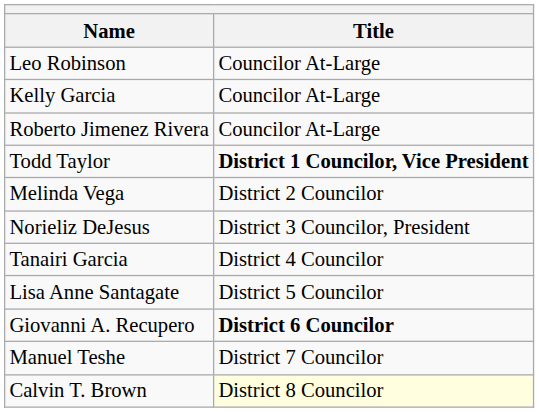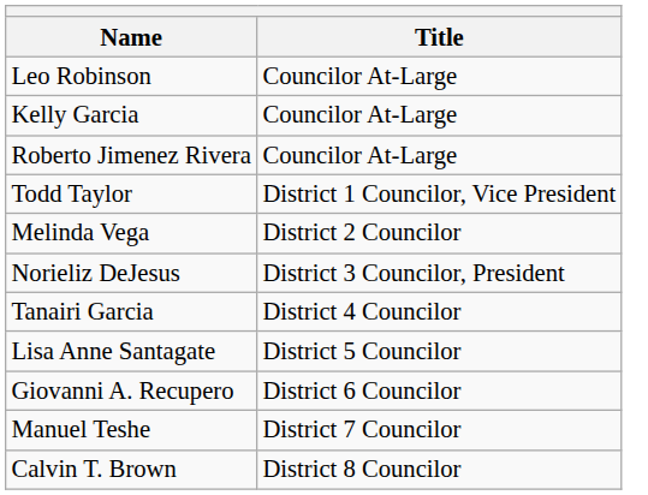 <table class="wikitable">
 <tr>
 <th colspan="4"></th>
 </tr>
 <tr>
 <th><strong>Name</strong></th>
 <th>Title</th>
 </tr>
 <tr>
 <td>Leo Robinson</td>
 <td>Councilor At-Large</td>
 </tr>
 <tr>
 <td>Kelly Garcia</td>
 <td>Councilor At-Large</td>
 </tr>
 <tr>
 <td>Roberto Jimenez Rivera</td>
 <td>Councilor At-Large</td>
 </tr>
 <tr>
 <td>Todd Taylor</td>
-<td><strong>District 1 Councilor, Vice President</strong></td>
+<td>District 1 Councilor, Vice President</td>
 </tr>
 <tr>
 <td>Melinda Vega</td>
 <td>District 2 Councilor</td>
 </tr>
 <tr>
 <td>Norieliz DeJesus</td>
 <td>District 3 Councilor, President</td>
 </tr>
 <tr>
 <td>Tanairi Garcia</td>
 <td>District 4 Councilor</td>
 </tr>
 <tr>
 <td>Lisa Anne Santagate</td>
 <td>District 5 Councilor</td>
 </tr>
 <tr>
 <td>Giovanni A. Recupero</td>
-<td><strong>District 6 Councilor</strong></td>
+<td>District 6 Councilor</td>
 </tr>
 <tr>
 <td>Manuel Teshe</td>
 <td>District 7 Councilor</td>
 </tr>
 <tr>
 <td>Calvin T. Brown</td>
-<td style="background: lightyellow;">District 8 Councilor</td>
+<td>District 8 Councilor</td>
 </tr>
 </table>
